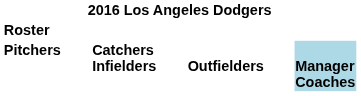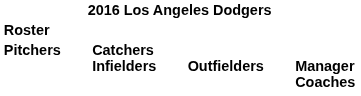 <table class="toccolours" style="font-size: 95%;">
 <tr>
 <th colspan="10">2016 Los Angeles Dodgers</th>
 </tr>
 <tr>
 <td colspan="10"><strong>Roster</strong></td>
 </tr>
 <tr>
 <td valign="top"><strong>Pitchers</strong><br>                              </td>
 <td width="25px"></td>
 <td valign="top"><strong>Catchers</strong><br>    <strong>Infielders</strong>        </td>
 <td width="25px"></td>
 <td valign="top"><br><strong>Outfielders</strong>            </td>
 <td width="25px"></td>
-<td valign="top" style="background: lightblue;"><br><strong>Manager</strong> <br><strong>Coaches</strong>                      </td>
+<td valign="top"><br><strong>Manager</strong> <br><strong>Coaches</strong>                      </td>
 </tr>
 </table>
